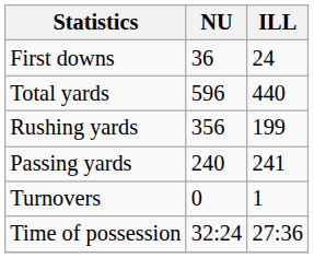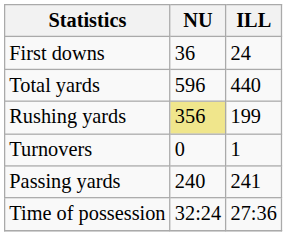 <table class="wikitable">
 <tr>
 <th>Statistics</th>
 <th>NU</th>
 <th>ILL</th>
 </tr>
 <tr>
 <td>First downs</td>
 <td>36</td>
 <td>24</td>
 </tr>
 <tr>
 <td>Total yards</td>
 <td>596</td>
 <td>440</td>
 </tr>
 <tr>
 <td>Rushing yards</td>
-<td>356</td>
+<td style="background: khaki;">356</td>
 <td>199</td>
+</tr>
+<tr>
+<td>Turnovers</td>
+<td>0</td>
+<td>1</td>
 </tr>
 <tr>
 <td>Passing yards</td>
 <td>240</td>
 <td>241</td>
-</tr>
-<tr>
-<td>Turnovers</td>
-<td>0</td>
-<td>1</td>
 </tr>
 <tr>
 <td>Time of possession</td>
 <td>32:24</td>
 <td>27:36</td>
 </tr>
 <tr>
 </tr>
 </table>
